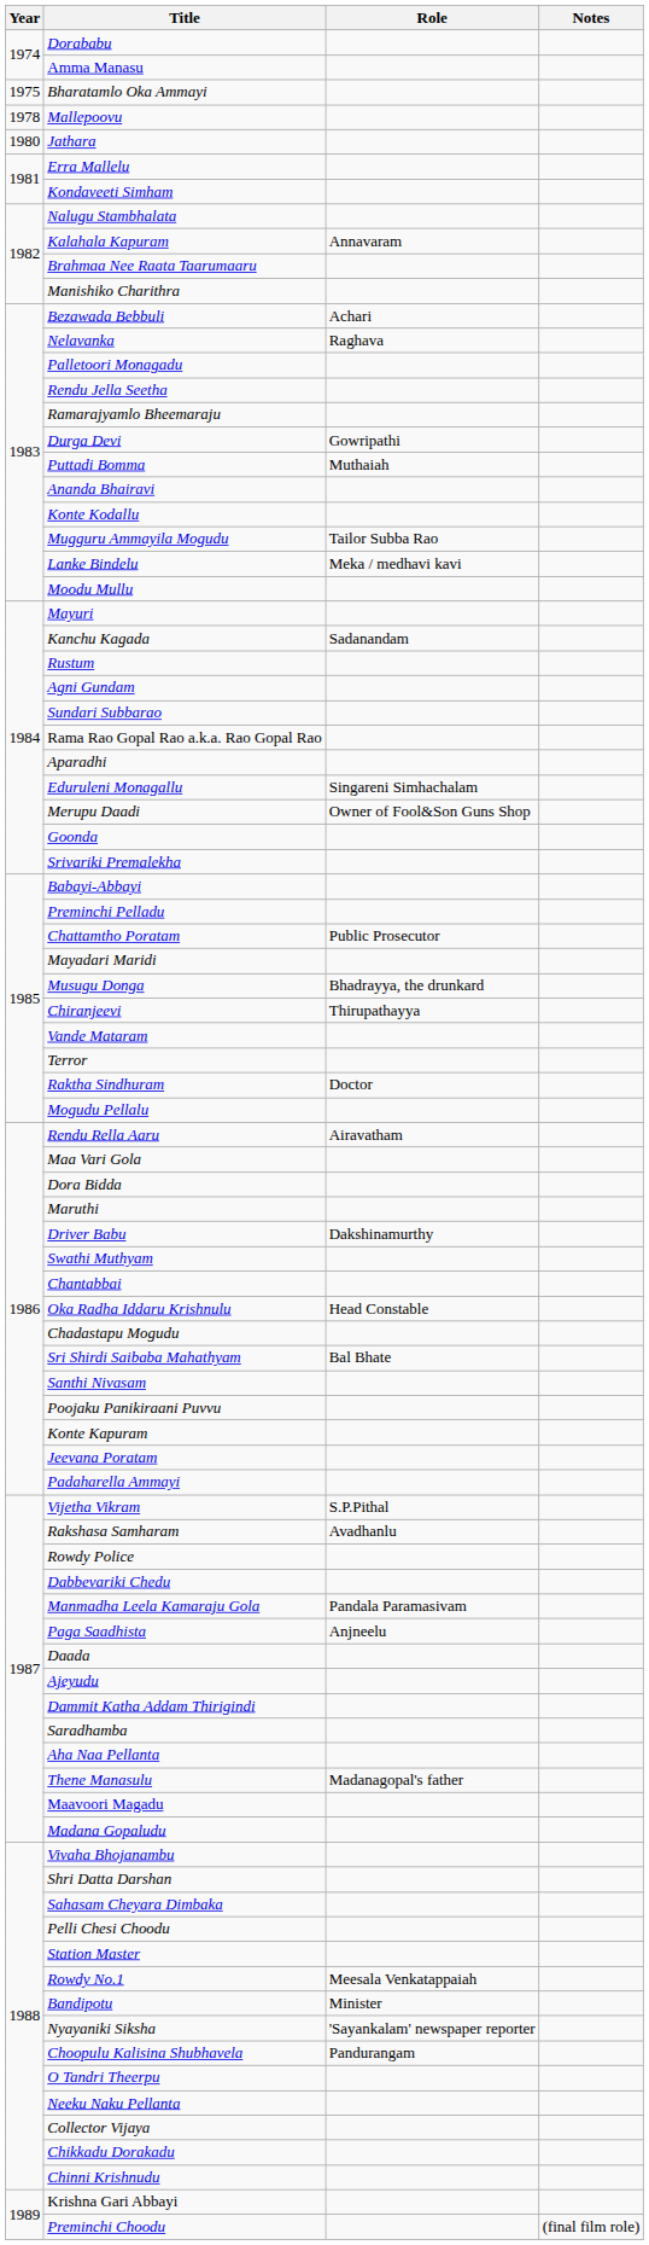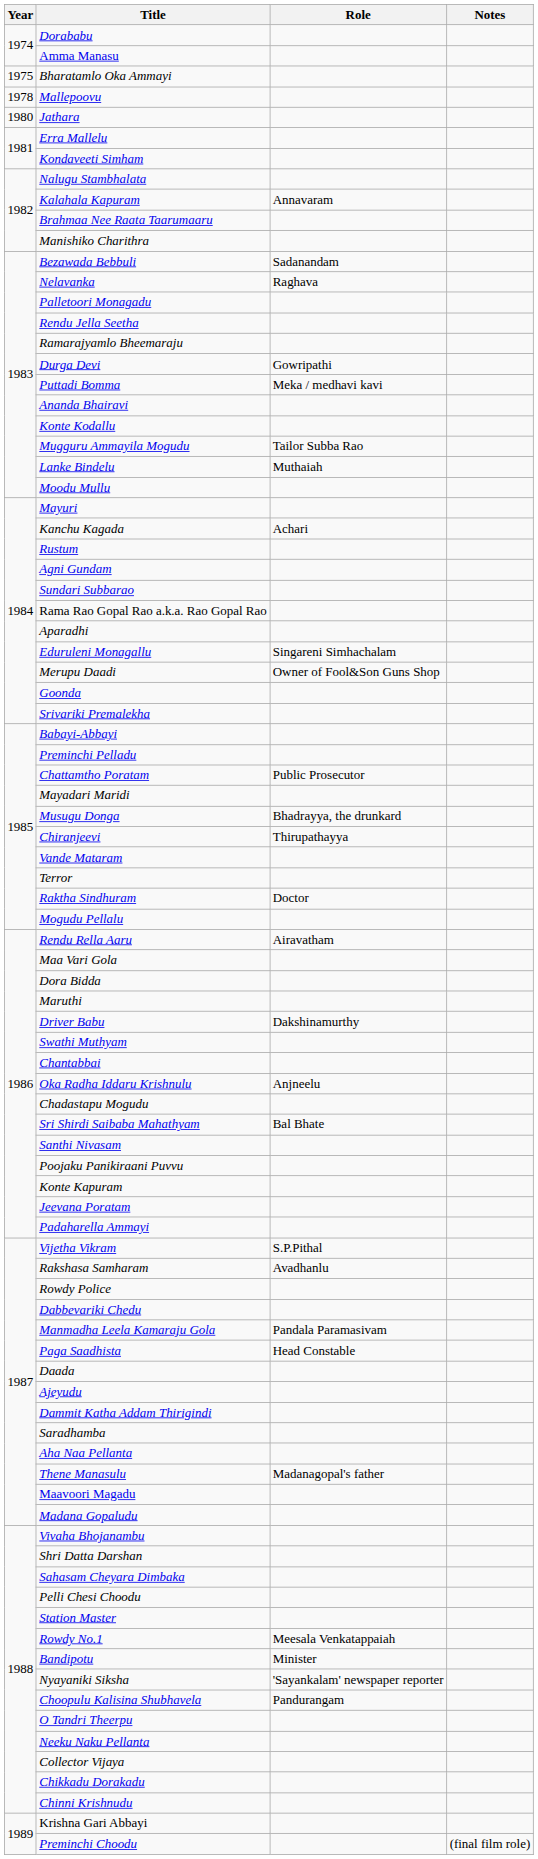 <table class="wikitable sortable">
 <tr>
 <th scope="col">Year</th>
 <th scope="col">Title</th>
 <th scope="col">Role</th>
 <th scope="col" class="unsortable">Notes</th>
 </tr>
 <tr>
 <td rowspan="2">1974</td>
 <td><em><a href='#'>Dorababu</a></em></td>
 <td></td>
 <td></td>
 </tr>
 <tr>
 <td><a href='#'>Amma Manasu</a></td>
 <td></td>
 <td></td>
 </tr>
 <tr>
 <td>1975</td>
 <td><em>Bharatamlo Oka Ammayi</em></td>
 <td></td>
 <td></td>
 </tr>
 <tr>
 <td>1978</td>
 <td><em><a href='#'>Mallepoovu</a></em></td>
 <td></td>
 <td></td>
 </tr>
 <tr>
 <td>1980</td>
 <td><em><a href='#'>Jathara</a></em></td>
 <td></td>
 <td></td>
 </tr>
 <tr>
 <td rowspan="2">1981</td>
 <td><em><a href='#'>Erra Mallelu</a></em></td>
 <td></td>
 <td></td>
 </tr>
 <tr>
 <td><em><a href='#'>Kondaveeti Simham</a></em></td>
 <td></td>
 <td></td>
 </tr>
 <tr>
 <td rowspan="4">1982</td>
 <td><em><a href='#'>Nalugu Stambhalata</a></em></td>
 <td></td>
 <td></td>
 </tr>
 <tr>
 <td><em><a href='#'>Kalahala Kapuram</a></em></td>
 <td>Annavaram</td>
 <td></td>
 </tr>
 <tr>
 <td><em><a href='#'>Brahmaa Nee Raata Taarumaaru</a></em></td>
 <td></td>
 <td></td>
 </tr>
 <tr>
 <td><em>Manishiko Charithra</em></td>
 <td></td>
 <td></td>
 </tr>
 <tr>
 <td rowspan="12">1983</td>
 <td><em><a href='#'>Bezawada Bebbuli</a></em></td>
-<td>Achari</td>
+<td>Sadanandam</td>
 <td></td>
 </tr>
 <tr>
 <td><em><a href='#'>Nelavanka</a></em></td>
 <td>Raghava</td>
 <td></td>
 </tr>
 <tr>
 <td><em><a href='#'>Palletoori Monagadu</a></em></td>
 <td></td>
 <td></td>
 </tr>
 <tr>
 <td><em><a href='#'>Rendu Jella Seetha</a></em></td>
 <td></td>
 <td></td>
 </tr>
 <tr>
 <td><em>Ramarajyamlo Bheemaraju</em></td>
 <td></td>
 <td></td>
 </tr>
 <tr>
 <td><em><a href='#'>Durga Devi</a></em></td>
 <td>Gowripathi</td>
 <td></td>
 </tr>
 <tr>
 <td><em><a href='#'>Puttadi Bomma</a></em></td>
-<td>Muthaiah</td>
+<td>Meka / medhavi kavi</td>
 <td></td>
 </tr>
 <tr>
 <td><em><a href='#'>Ananda Bhairavi</a></em></td>
 <td></td>
 <td></td>
 </tr>
 <tr>
 <td><em><a href='#'>Konte Kodallu</a></em></td>
 <td></td>
 <td></td>
 </tr>
 <tr>
 <td><em><a href='#'>Mugguru Ammayila Mogudu</a></em></td>
 <td>Tailor Subba Rao</td>
 <td></td>
 </tr>
 <tr>
 <td><em><a href='#'>Lanke Bindelu</a></em></td>
-<td>Meka / medhavi kavi</td>
+<td>Muthaiah</td>
 <td></td>
 </tr>
 <tr>
 <td><em><a href='#'>Moodu Mullu</a></em></td>
 <td></td>
 <td></td>
 </tr>
 <tr>
 <td rowspan="11">1984</td>
 <td><em><a href='#'>Mayuri</a></em></td>
 <td></td>
 <td></td>
 </tr>
 <tr>
 <td><em>Kanchu Kagada</em></td>
-<td>Sadanandam</td>
+<td>Achari</td>
 <td></td>
 </tr>
 <tr>
 <td><em><a href='#'>Rustum</a></em></td>
 <td></td>
 <td></td>
 </tr>
 <tr>
 <td><em><a href='#'>Agni Gundam</a></em></td>
 <td></td>
 <td></td>
 </tr>
 <tr>
 <td><em><a href='#'>Sundari Subbarao</a></em></td>
 <td></td>
 <td></td>
 </tr>
 <tr>
 <td>Rama Rao Gopal Rao a.k.a. Rao Gopal Rao</td>
 <td></td>
 <td></td>
 </tr>
 <tr>
 <td><em>Aparadhi</em></td>
 <td></td>
 <td></td>
 </tr>
 <tr>
 <td><em><a href='#'>Eduruleni Monagallu</a></em></td>
 <td>Singareni Simhachalam</td>
 <td></td>
 </tr>
 <tr>
 <td><em>Merupu Daadi</em></td>
 <td>Owner of Fool&Son Guns Shop</td>
 <td></td>
 </tr>
 <tr>
 <td><a href='#'><em>Goonda</em></a></td>
 <td></td>
 <td></td>
 </tr>
 <tr>
 <td><em><a href='#'>Srivariki Premalekha</a></em></td>
 <td></td>
 <td></td>
 </tr>
 <tr>
 <td rowspan="10">1985</td>
 <td><em><a href='#'>Babayi-Abbayi</a></em></td>
 <td></td>
 <td></td>
 </tr>
 <tr>
 <td><a href='#'><em>Preminchi Pelladu</em></a></td>
 <td></td>
 <td></td>
 </tr>
 <tr>
 <td><em><a href='#'>Chattamtho Poratam</a></em></td>
 <td>Public Prosecutor</td>
 <td></td>
 </tr>
 <tr>
 <td><em>Mayadari Maridi</em></td>
 <td></td>
 <td></td>
 </tr>
 <tr>
 <td><em><a href='#'>Musugu Donga</a></em></td>
 <td>Bhadrayya, the drunkard</td>
 <td></td>
 </tr>
 <tr>
 <td><em><a href='#'>Chiranjeevi</a></em></td>
 <td>Thirupathayya</td>
 <td></td>
 </tr>
 <tr>
 <td><a href='#'><em>Vande Mataram</em></a></td>
 <td></td>
 <td></td>
 </tr>
 <tr>
 <td><em>Terror</em></td>
 <td></td>
 <td></td>
 </tr>
 <tr>
 <td><a href='#'><em>Raktha Sindhuram</em></a></td>
 <td>Doctor</td>
 <td></td>
 </tr>
 <tr>
 <td><em><a href='#'>Mogudu Pellalu</a></em></td>
 <td></td>
 <td></td>
 </tr>
 <tr>
 <td rowspan="15">1986</td>
 <td><em><a href='#'>Rendu Rella Aaru</a></em></td>
 <td>Airavatham</td>
 <td></td>
 </tr>
 <tr>
 <td><em>Maa Vari Gola</em></td>
 <td></td>
 <td></td>
 </tr>
 <tr>
 <td><em>Dora Bidda</em></td>
 <td></td>
 <td></td>
 </tr>
 <tr>
 <td><em>Maruthi</em></td>
 <td></td>
 <td></td>
 </tr>
 <tr>
 <td><em><a href='#'>Driver Babu</a></em></td>
 <td>Dakshinamurthy</td>
 <td></td>
 </tr>
 <tr>
 <td><em><a href='#'>Swathi Muthyam</a></em></td>
 <td></td>
 <td></td>
 </tr>
 <tr>
 <td><em><a href='#'>Chantabbai</a></em></td>
 <td></td>
 <td></td>
 </tr>
 <tr>
 <td><em><a href='#'>Oka Radha Iddaru Krishnulu</a></em></td>
-<td>Head Constable</td>
+<td>Anjneelu</td>
 <td></td>
 </tr>
 <tr>
 <td><em>Chadastapu Mogudu</em></td>
 <td></td>
 <td></td>
 </tr>
 <tr>
 <td><em><a href='#'>Sri Shirdi Saibaba Mahathyam</a></em></td>
 <td>Bal Bhate</td>
 <td></td>
 </tr>
 <tr>
 <td><a href='#'><em>Santhi Nivasam</em></a></td>
 <td></td>
 <td></td>
 </tr>
 <tr>
 <td><em>Poojaku Panikiraani Puvvu</em></td>
 <td></td>
 <td></td>
 </tr>
 <tr>
 <td><em>Konte Kapuram</em></td>
 <td></td>
 <td></td>
 </tr>
 <tr>
 <td><em><a href='#'>Jeevana Poratam</a></em></td>
 <td></td>
 <td></td>
 </tr>
 <tr>
 <td><em><a href='#'>Padaharella Ammayi</a></em></td>
 <td></td>
 <td></td>
 </tr>
 <tr>
 <td rowspan="14">1987</td>
 <td><em><a href='#'>Vijetha Vikram</a></em></td>
 <td>S.P.Pithal</td>
 <td></td>
 </tr>
 <tr>
 <td><em>Rakshasa Samharam</em></td>
 <td>Avadhanlu</td>
 <td></td>
 </tr>
 <tr>
 <td><em>Rowdy Police</em></td>
 <td></td>
 <td></td>
 </tr>
 <tr>
 <td><em><a href='#'>Dabbevariki Chedu</a></em></td>
 <td></td>
 <td></td>
 </tr>
 <tr>
 <td><em><a href='#'>Manmadha Leela Kamaraju Gola</a></em></td>
 <td>Pandala Paramasivam</td>
 <td></td>
 </tr>
 <tr>
 <td><em><a href='#'>Paga Saadhista</a></em></td>
-<td>Anjneelu</td>
+<td>Head Constable</td>
 <td></td>
 </tr>
 <tr>
 <td><em>Daada</em></td>
 <td></td>
 <td></td>
 </tr>
 <tr>
 <td><em><a href='#'>Ajeyudu</a></em></td>
 <td></td>
 <td></td>
 </tr>
 <tr>
 <td><em><a href='#'>Dammit Katha Addam Thirigindi</a></em></td>
 <td></td>
 <td></td>
 </tr>
 <tr>
 <td><em>Saradhamba</em></td>
 <td></td>
 <td></td>
 </tr>
 <tr>
 <td><em><a href='#'>Aha Naa Pellanta</a></em></td>
 <td></td>
 <td></td>
 </tr>
 <tr>
 <td><em><a href='#'>Thene Manasulu</a></em></td>
 <td>Madanagopal's father</td>
 <td></td>
 </tr>
 <tr>
 <td><a href='#'>Maavoori Magadu</a></td>
 <td></td>
 <td></td>
 </tr>
 <tr>
 <td><em><a href='#'>Madana Gopaludu</a></em></td>
 <td></td>
 <td></td>
 </tr>
 <tr>
 <td rowspan="14">1988</td>
 <td><em><a href='#'>Vivaha Bhojanambu</a></em></td>
 <td></td>
 <td></td>
 </tr>
 <tr>
 <td><em>Shri Datta Darshan</em></td>
 <td></td>
 <td></td>
 </tr>
 <tr>
 <td><em><a href='#'>Sahasam Cheyara Dimbaka</a></em></td>
 <td></td>
 <td></td>
 </tr>
 <tr>
 <td><em>Pelli Chesi Choodu</em></td>
 <td></td>
 <td></td>
 </tr>
 <tr>
 <td><a href='#'><em>Station Master</em></a></td>
 <td></td>
 <td></td>
 </tr>
 <tr>
 <td><em><a href='#'>Rowdy No.1</a></em></td>
 <td>Meesala Venkatappaiah</td>
 <td></td>
 </tr>
 <tr>
 <td><em><a href='#'>Bandipotu</a></em></td>
 <td>Minister</td>
 <td></td>
 </tr>
 <tr>
 <td><em>Nyayaniki Siksha</em></td>
 <td>'Sayankalam' newspaper reporter</td>
 <td></td>
 </tr>
 <tr>
 <td><em><a href='#'>Choopulu Kalisina Shubhavela</a></em></td>
 <td>Pandurangam</td>
 <td></td>
 </tr>
 <tr>
 <td><em><a href='#'>O Tandri Theerpu</a></em></td>
 <td></td>
 <td></td>
 </tr>
 <tr>
 <td><em><a href='#'>Neeku Naku Pellanta</a></em></td>
 <td></td>
 <td></td>
 </tr>
 <tr>
 <td><em>Collector Vijaya</em></td>
 <td></td>
 <td></td>
 </tr>
 <tr>
 <td><em><a href='#'>Chikkadu Dorakadu</a></em></td>
 <td></td>
 <td></td>
 </tr>
 <tr>
 <td><em><a href='#'>Chinni Krishnudu</a></em></td>
 <td></td>
 <td></td>
 </tr>
 <tr>
 <td rowspan="2">1989</td>
 <td>Krishna Gari Abbayi</td>
 <td></td>
 <td></td>
 </tr>
 <tr>
 <td><a href='#'><em>Preminchi Choodu</em></a></td>
 <td></td>
 <td>(final film role)</td>
 </tr>
 </table>
